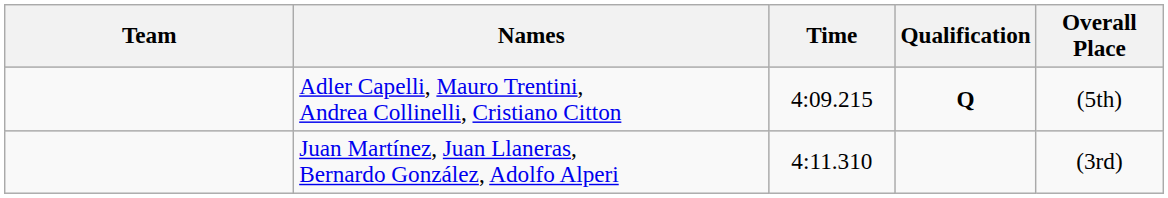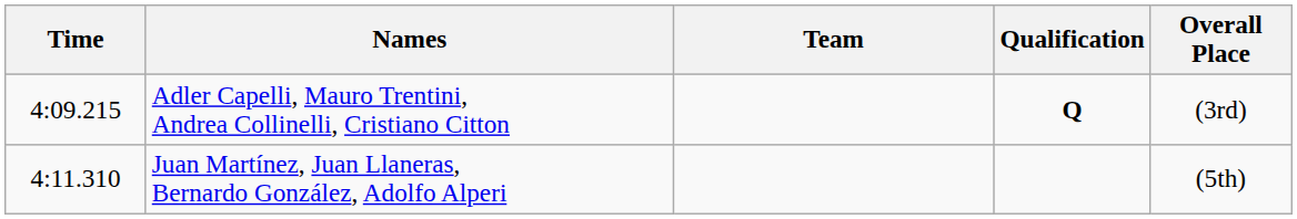 <table class="wikitable" style="text-align:center;">
 <tr>
+<th style="width:5em;">Time</th>
+<th style="width:20em;">Names</th>
 <th style="width:12em;">Team</th>
-<th style="width:20em;">Names</th>
-<th style="width:5em;">Time</th>
 <th style="width:5em;">Qualification</th>
 <th style="width:5em;">Overall Place</th>
 </tr>
 <tr>
+<td>4:09.215</td>
+<td align=left><a href='#'>Adler Capelli</a>, <a href='#'>Mauro Trentini</a>,<br><a href='#'>Andrea Collinelli</a>, <a href='#'>Cristiano Citton</a></td>
 <td align=left></td>
-<td align=left><a href='#'>Adler Capelli</a>, <a href='#'>Mauro Trentini</a>,<br><a href='#'>Andrea Collinelli</a>, <a href='#'>Cristiano Citton</a></td>
-<td>4:09.215</td>
 <td><strong>Q</strong></td>
+<td>(3rd)</td>
+</tr>
+<tr>
+<td>4:11.310</td>
+<td align=left><a href='#'>Juan Martínez</a>, <a href='#'>Juan Llaneras</a>,<br><a href='#'>Bernardo González</a>, <a href='#'>Adolfo Alperi</a></td>
+<td align=left></td>
+<td></td>
 <td>(5th)</td>
 </tr>
-<tr>
-<td align=left></td>
-<td align=left><a href='#'>Juan Martínez</a>, <a href='#'>Juan Llaneras</a>,<br><a href='#'>Bernardo González</a>, <a href='#'>Adolfo Alperi</a></td>
-<td>4:11.310</td>
-<td></td>
-<td>(3rd)</td>
-</tr>
 </table>
